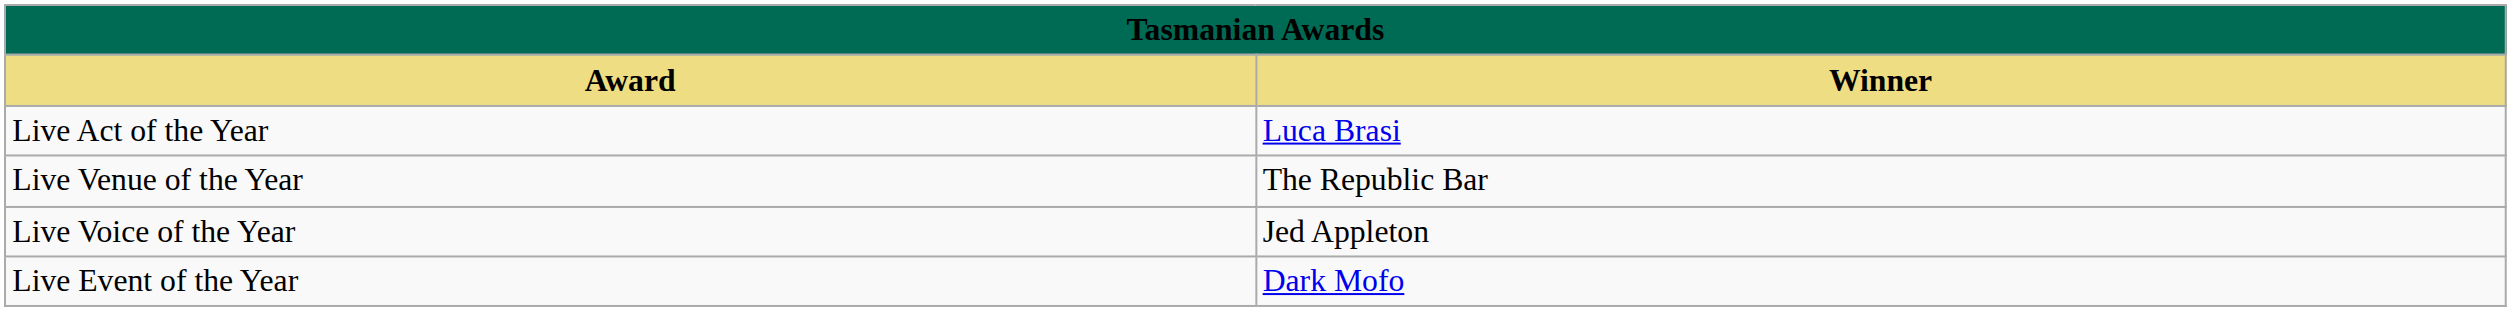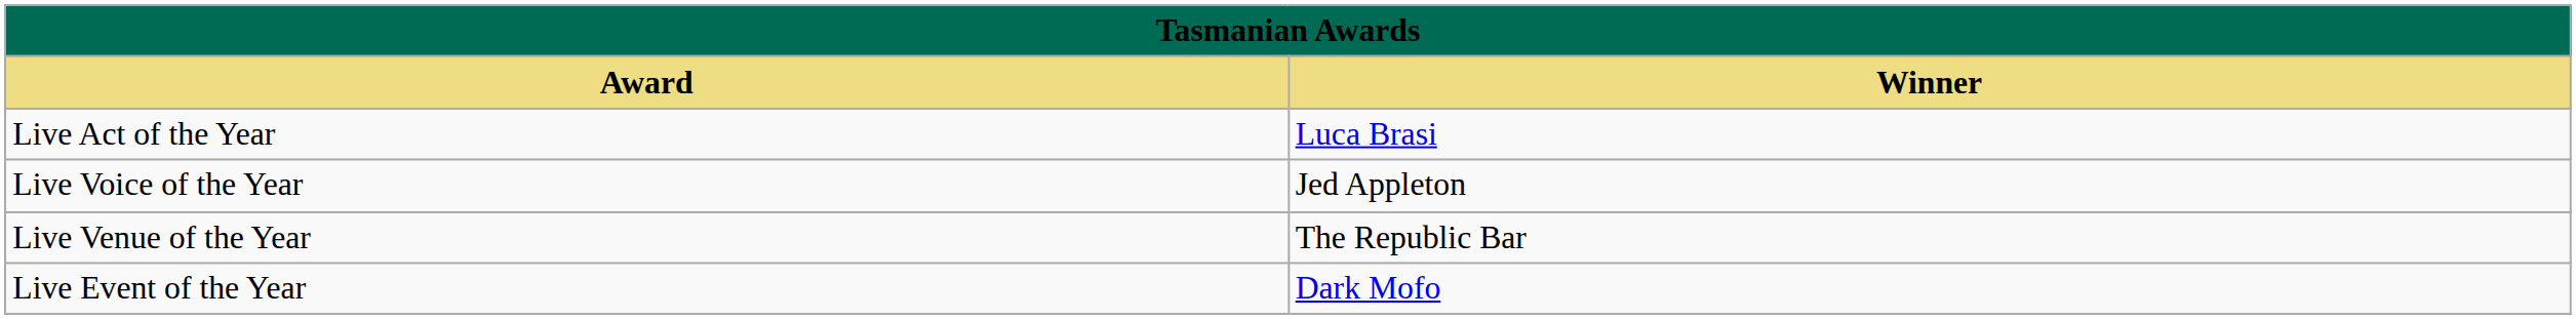 <table class="wikitable" width=100%>
 <tr>
 <th colspan="2" ! style="width:15%;background:#006b54">Tasmanian Awards</th>
 </tr>
 <tr>
 <th style="width:10%;background:#EEDD82;">Award</th>
 <th style="width:10%;background:#EEDD82;">Winner</th>
 </tr>
 <tr>
 <td>Live Act of the Year</td>
 <td><a href='#'>Luca Brasi</a></td>
 </tr>
 <tr>
+<td>Live Voice of the Year</td>
+<td>Jed Appleton</td>
+</tr>
+<tr>
 <td>Live Venue of the Year</td>
 <td>The Republic Bar</td>
-</tr>
-<tr>
-<td>Live Voice of the Year</td>
-<td>Jed Appleton</td>
 </tr>
 <tr>
 <td>Live Event of the Year</td>
 <td><a href='#'>Dark Mofo</a></td>
 </tr>
 </table>
